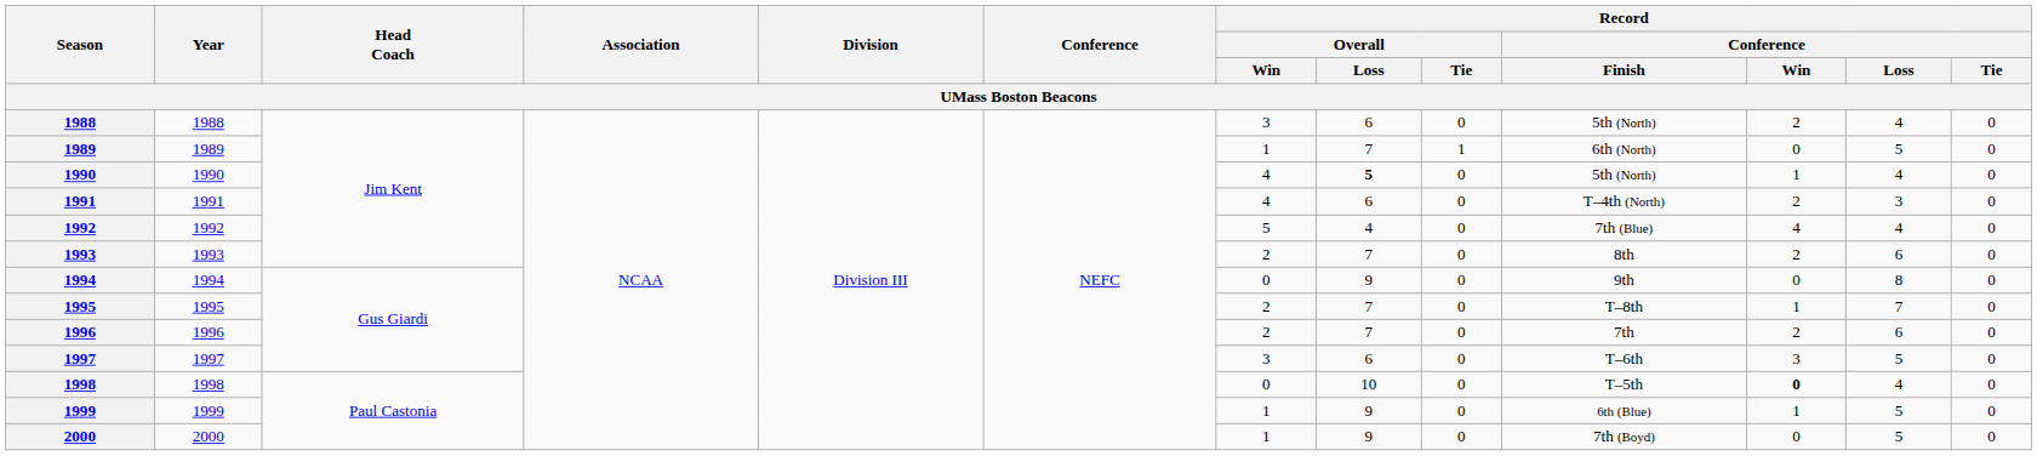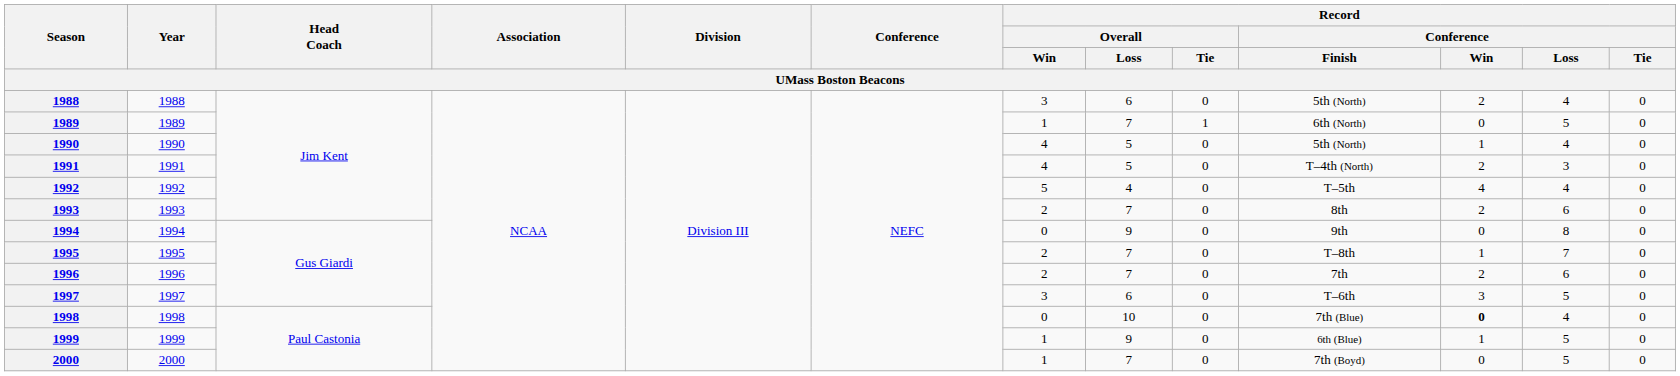 <table class="wikitable" style="font-size: 95%; width:98%;text-align:center;">
 <tr>
 <th rowspan="3">Season</th>
 <th rowspan="3">Year</th>
 <th rowspan="3">Head<br>Coach</th>
 <th rowspan="3">Association</th>
 <th rowspan="3">Division</th>
 <th rowspan="3">Conference</th>
 <th colspan="7">Record</th>
 </tr>
 <tr>
 <th colspan="3">Overall</th>
 <th colspan="4">Conference</th>
 </tr>
 <tr>
 <th>Win</th>
 <th>Loss</th>
 <th>Tie</th>
 <th>Finish</th>
 <th>Win</th>
 <th>Loss</th>
 <th>Tie</th>
 </tr>
 <tr>
 <th colspan="15">UMass Boston Beacons</th>
 </tr>
 <tr>
 <th><a href='#'>1988</a></th>
 <td><a href='#'>1988</a></td>
 <td rowspan="6"><a href='#'>Jim Kent</a></td>
 <td rowspan="13"><a href='#'>NCAA</a></td>
 <td rowspan="13"><a href='#'>Division III</a></td>
 <td rowspan="13"><a href='#'>NEFC</a></td>
 <td>3</td>
 <td>6</td>
 <td>0</td>
 <td>5th <small>(North)</small></td>
 <td>2</td>
 <td>4</td>
 <td>0</td>
 </tr>
 <tr>
 <th><a href='#'>1989</a></th>
 <td><a href='#'>1989</a></td>
 <td>1</td>
 <td>7</td>
 <td>1</td>
 <td>6th <small>(North)</small></td>
 <td>0</td>
 <td>5</td>
 <td>0</td>
 </tr>
 <tr>
 <th><a href='#'>1990</a></th>
 <td><a href='#'>1990</a></td>
 <td>4</td>
-<td><strong>5</strong></td>
+<td>5</td>
 <td>0</td>
 <td>5th <small>(North)</small></td>
 <td>1</td>
 <td>4</td>
 <td>0</td>
 </tr>
 <tr>
 <th><a href='#'>1991</a></th>
 <td><a href='#'>1991</a></td>
 <td>4</td>
-<td>6</td>
+<td>5</td>
 <td>0</td>
 <td>T–4th <small>(North)</small></td>
 <td>2</td>
 <td>3</td>
 <td>0</td>
 </tr>
 <tr>
 <th><a href='#'>1992</a></th>
 <td><a href='#'>1992</a></td>
 <td>5</td>
 <td>4</td>
 <td>0</td>
-<td>7th <small>(Blue)</small></td>
+<td>T–5th</td>
 <td>4</td>
 <td>4</td>
 <td>0</td>
 </tr>
 <tr>
 <th><a href='#'>1993</a></th>
 <td><a href='#'>1993</a></td>
 <td>2</td>
 <td>7</td>
 <td>0</td>
 <td>8th</td>
 <td>2</td>
 <td>6</td>
 <td>0</td>
 </tr>
 <tr>
 <th><a href='#'>1994</a></th>
 <td><a href='#'>1994</a></td>
 <td rowspan="4"><a href='#'>Gus Giardi</a></td>
 <td>0</td>
 <td>9</td>
 <td>0</td>
 <td>9th</td>
 <td>0</td>
 <td>8</td>
 <td>0</td>
 </tr>
 <tr>
 <th><a href='#'>1995</a></th>
 <td><a href='#'>1995</a></td>
 <td>2</td>
 <td>7</td>
 <td>0</td>
 <td>T–8th</td>
 <td>1</td>
 <td>7</td>
 <td>0</td>
 </tr>
 <tr>
 <th><a href='#'>1996</a></th>
 <td><a href='#'>1996</a></td>
 <td>2</td>
 <td>7</td>
 <td>0</td>
 <td>7th</td>
 <td>2</td>
 <td>6</td>
 <td>0</td>
 </tr>
 <tr>
 <th><a href='#'>1997</a></th>
 <td><a href='#'>1997</a></td>
 <td>3</td>
 <td>6</td>
 <td>0</td>
 <td>T–6th</td>
 <td>3</td>
 <td>5</td>
 <td>0</td>
 </tr>
 <tr>
 <th><a href='#'>1998</a></th>
 <td><a href='#'>1998</a></td>
 <td rowspan="3"><a href='#'>Paul Castonia</a></td>
 <td>0</td>
 <td>10</td>
 <td>0</td>
-<td>T–5th</td>
+<td>7th <small>(Blue)</small></td>
 <td><strong>0</strong></td>
 <td>4</td>
 <td>0</td>
 </tr>
 <tr>
 <th><a href='#'>1999</a></th>
 <td><a href='#'>1999</a></td>
 <td>1</td>
 <td>9</td>
 <td>0</td>
 <td><small>6th (Blue)</small></td>
 <td>1</td>
 <td>5</td>
 <td>0</td>
 </tr>
 <tr>
 <th><a href='#'>2000</a></th>
 <td><a href='#'>2000</a></td>
 <td>1</td>
-<td>9</td>
+<td>7</td>
 <td>0</td>
 <td>7th <small>(Boyd)</small></td>
 <td>0</td>
 <td>5</td>
 <td>0</td>
 </tr>
 </table>
